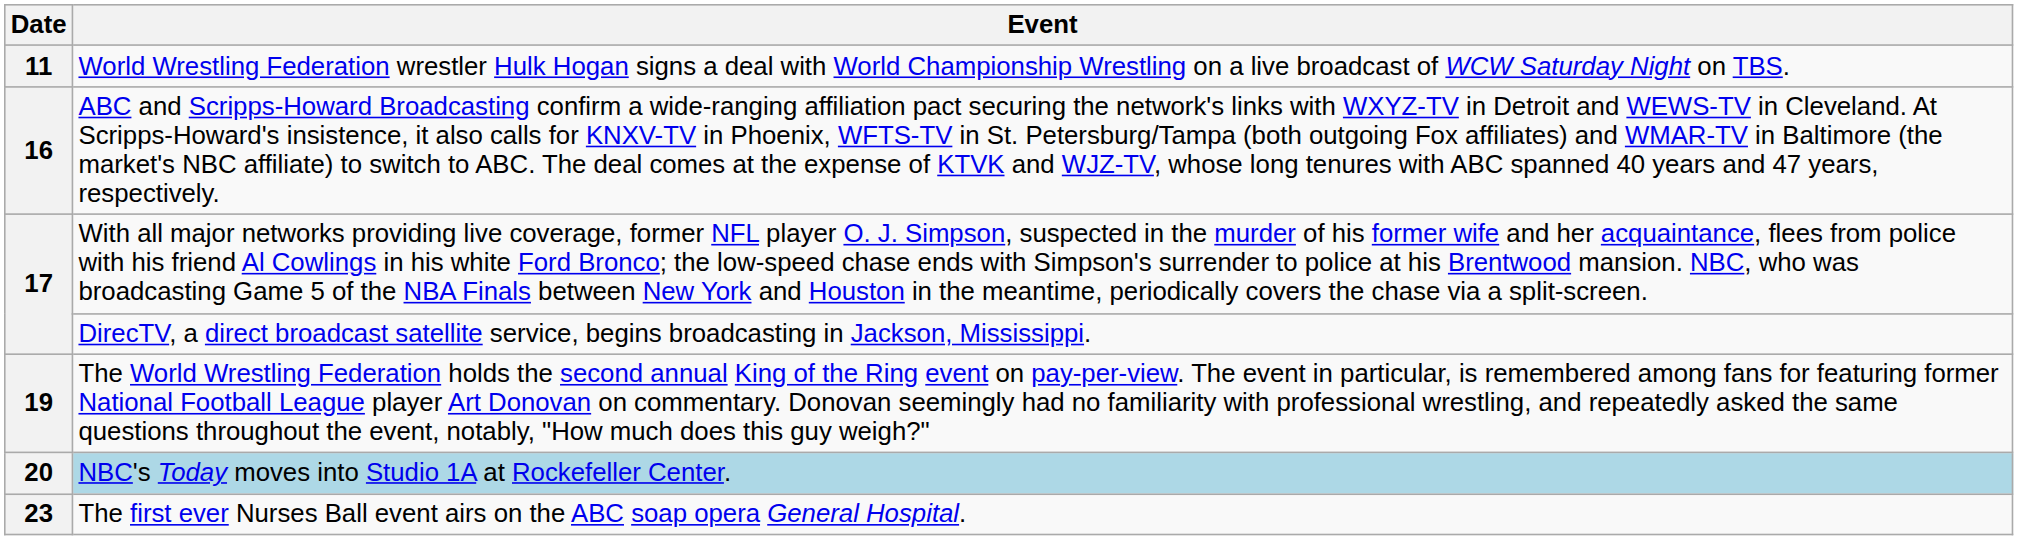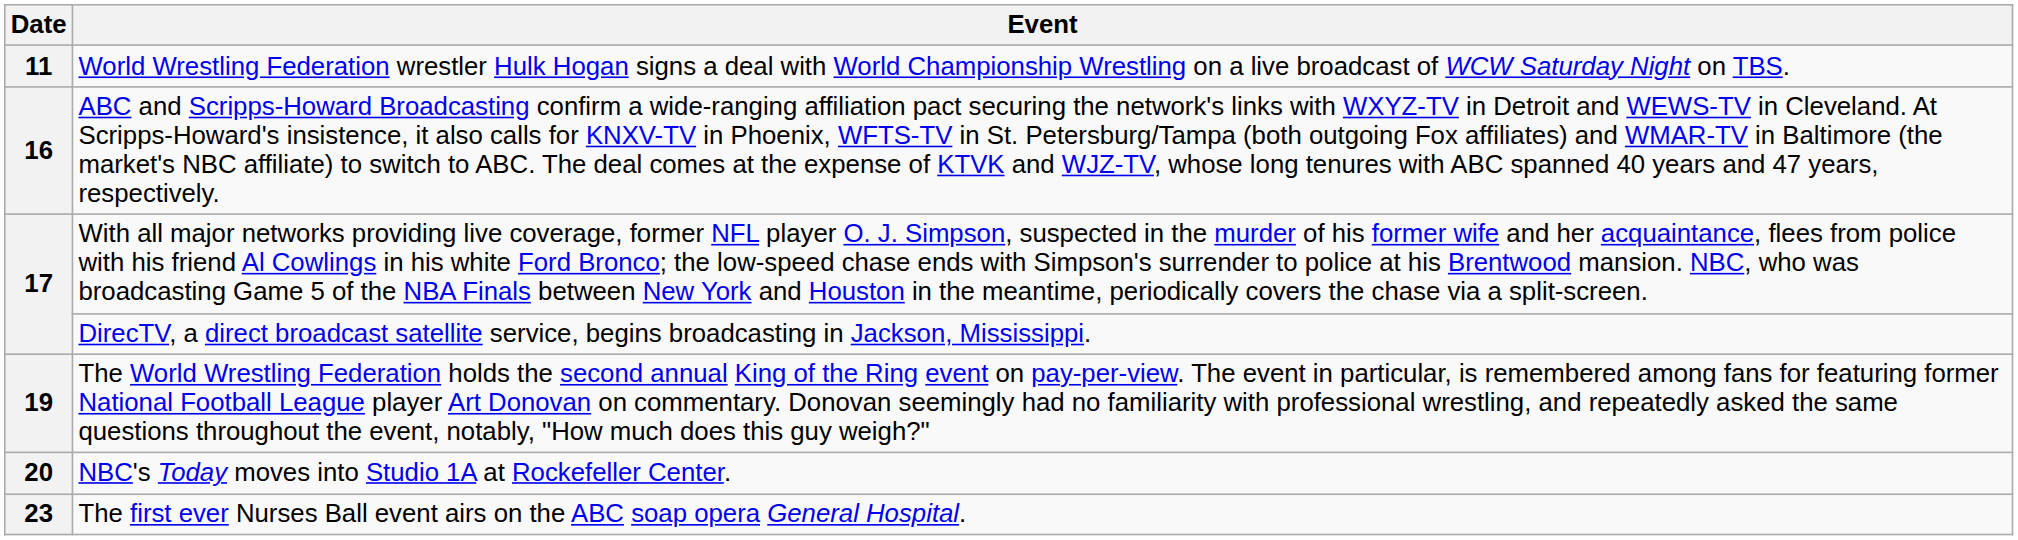 <table class="wikitable">
 <tr>
 <th>Date</th>
 <th>Event</th>
 </tr>
 <tr>
 <th>11</th>
 <td><a href='#'>World Wrestling Federation</a> wrestler <a href='#'>Hulk Hogan</a> signs a deal with <a href='#'>World Championship Wrestling</a> on a live broadcast of <em><a href='#'>WCW Saturday Night</a></em> on <a href='#'>TBS</a>.</td>
 </tr>
 <tr>
 <th>16</th>
 <td><a href='#'>ABC</a> and <a href='#'>Scripps-Howard Broadcasting</a> confirm a wide-ranging affiliation pact securing the network's links with <a href='#'>WXYZ-TV</a> in Detroit and <a href='#'>WEWS-TV</a> in Cleveland. At Scripps-Howard's insistence, it also calls for <a href='#'>KNXV-TV</a> in Phoenix, <a href='#'>WFTS-TV</a> in St. Petersburg/Tampa (both outgoing Fox affiliates) and <a href='#'>WMAR-TV</a> in Baltimore (the market's NBC affiliate) to switch to ABC. The deal comes at the expense of <a href='#'>KTVK</a> and <a href='#'>WJZ-TV</a>, whose long tenures with ABC spanned 40 years and 47 years, respectively.</td>
 </tr>
 <tr>
 <th rowspan="2">17</th>
 <td>With all major networks providing live coverage, former <a href='#'>NFL</a> player <a href='#'>O. J. Simpson</a>, suspected in the <a href='#'>murder</a> of his <a href='#'>former wife</a> and her <a href='#'>acquaintance</a>, flees from police with his friend <a href='#'>Al Cowlings</a> in his white <a href='#'>Ford Bronco</a>; the low-speed chase ends with Simpson's surrender to police at his <a href='#'>Brentwood</a> mansion. <a href='#'>NBC</a>, who was broadcasting Game 5 of the <a href='#'>NBA Finals</a> between <a href='#'>New York</a> and <a href='#'>Houston</a> in the meantime, periodically covers the chase via a split-screen.</td>
 </tr>
 <tr>
 <td><a href='#'>DirecTV</a>, a <a href='#'>direct broadcast satellite</a> service, begins broadcasting in <a href='#'>Jackson, Mississippi</a>.</td>
 </tr>
 <tr>
 <th>19</th>
 <td>The <a href='#'>World Wrestling Federation</a> holds the <a href='#'>second annual</a> <a href='#'>King of the Ring</a> <a href='#'>event</a> on <a href='#'>pay-per-view</a>. The event in particular, is remembered among fans for featuring former <a href='#'>National Football League</a> player <a href='#'>Art Donovan</a> on commentary. Donovan seemingly had no familiarity with professional wrestling, and repeatedly asked the same questions throughout the event, notably, "How much does this guy weigh?"</td>
 </tr>
 <tr>
 <th>20</th>
-<td style="background: lightblue;"><a href='#'>NBC</a>'s <em><a href='#'>Today</a></em> moves into <a href='#'>Studio 1A</a> at <a href='#'>Rockefeller Center</a>.</td>
+<td><a href='#'>NBC</a>'s <em><a href='#'>Today</a></em> moves into <a href='#'>Studio 1A</a> at <a href='#'>Rockefeller Center</a>.</td>
 </tr>
 <tr>
 <th>23</th>
 <td>The <a href='#'>first ever</a> Nurses Ball event airs on the <a href='#'>ABC</a> <a href='#'>soap opera</a> <em><a href='#'>General Hospital</a></em>.</td>
 </tr>
 </table>
